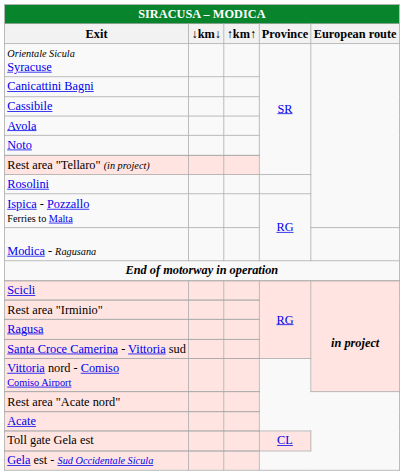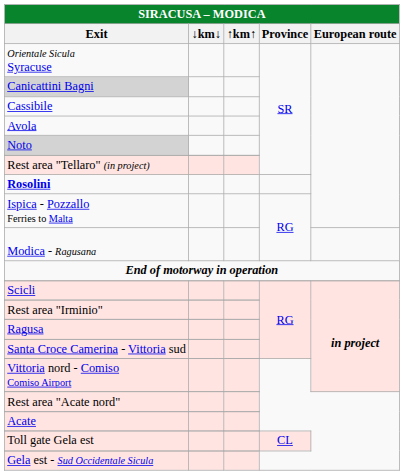 <table class="wikitable">
 <tr align="center" style="color: white;" bgcolor="#08842c">
 <td colspan="6"><strong> SIRACUSA – MODICA</strong></td>
 </tr>
 <tr>
 <th><strong>Exit</strong></th>
 <th align="center"><strong>↓km↓</strong></th>
 <th align="center"><strong>↑km↑</strong></th>
 <th align="center"><strong>Province</strong></th>
 <th align="center"><strong>European route</strong></th>
 </tr>
 <tr>
 <td>  <small><em>Orientale Sicula</em></small><br> <a href='#'>Syracuse</a></td>
 <td align="right"></td>
 <td align="right"></td>
 <td rowspan="7" align="center"><a href='#'>SR</a></td>
 <td rowspan="9" align="center"></td>
 </tr>
 <tr>
-<td> <a href='#'>Canicattini Bagni</a></td>
+<td style="background: lightgrey;"> <a href='#'>Canicattini Bagni</a></td>
 <td align="right"></td>
 <td align="right"></td>
 </tr>
 <tr>
 <td> <a href='#'>Cassibile</a></td>
 <td align="right"></td>
 <td align="right"></td>
 </tr>
 <tr>
 <td> <a href='#'>Avola</a></td>
 <td align="right"></td>
 <td align="right"></td>
 </tr>
 <tr>
-<td> <a href='#'>Noto</a></td>
+<td style="background: lightgrey;"> <a href='#'>Noto</a></td>
 <td align="right"></td>
 <td align="right"></td>
 </tr>
 <tr>
 </tr>
 <tr bgcolor="FFE4E1">
 <td> Rest area "Tellaro" <small><em>(in project)</em></small></td>
 <td align="right"></td>
 <td align="right"></td>
 </tr>
 <tr>
-<td> <a href='#'>Rosolini</a></td>
+<td><strong> <a href='#'>Rosolini</a></strong></td>
 <td align="right"></td>
 <td rowspan="1" align="right"></td>
 </tr>
 <tr>
 <td> <a href='#'>Ispica</a> - <a href='#'>Pozzallo</a> <br> <small>Ferries to   <a href='#'>Malta</a></small></td>
 <td align="right"></td>
 <td align="right"></td>
 <td rowspan="2" align="center"><a href='#'>RG</a></td>
 </tr>
 <tr>
 <td><br> <a href='#'>Modica</a> -  <small><em>Ragusana</em></small></td>
 <td align="right"></td>
 <td align="right"></td>
 </tr>
 <tr>
 <td colspan="6" align="center"><strong><em>End of motorway in operation</em></strong></td>
 </tr>
 <tr>
 </tr>
 <tr bgcolor="FFE4E1">
 <td> <a href='#'>Scicli</a></td>
 <td align="right"></td>
 <td align="right"></td>
 <td rowspan="7" align="center"><a href='#'>RG</a></td>
 <td rowspan="9" align="center"><br><strong><em>in project</em></strong></td>
 </tr>
 <tr>
 </tr>
 <tr bgcolor="FFE4E1">
 <td> Rest area "Irminio"</td>
 <td align="right"></td>
 <td align="right"></td>
 </tr>
 <tr>
 </tr>
 <tr bgcolor="FFE4E1">
 <td> <a href='#'>Ragusa</a></td>
 <td align="right"></td>
 <td align="right"></td>
 </tr>
 <tr>
 </tr>
 <tr bgcolor="FFE4E1">
 <td> <a href='#'>Santa Croce Camerina</a> - <a href='#'>Vittoria</a> sud</td>
 <td align="right"></td>
 <td align="right"></td>
 </tr>
 <tr>
 </tr>
 <tr bgcolor="FFE4E1">
 <td> <a href='#'>Vittoria</a> nord - <a href='#'>Comiso</a><br> <small><a href='#'>Comiso Airport</a> </small></td>
 <td align="right"></td>
 <td align="right"></td>
 </tr>
 <tr>
 </tr>
 <tr bgcolor="FFE4E1">
 <td> Rest area "Acate nord"</td>
 <td align="right"></td>
 <td align="right"></td>
 </tr>
 <tr>
 </tr>
 <tr bgcolor="FFE4E1">
 <td> <a href='#'>Acate</a></td>
 <td align="right"></td>
 <td align="right"></td>
 </tr>
 <tr>
 </tr>
 <tr bgcolor="FFE4E1">
 <td> Toll gate Gela est</td>
 <td align="right"></td>
 <td align="right"></td>
 <td rowspan="2" align="center"><a href='#'>CL</a></td>
 </tr>
 <tr>
 </tr>
 <tr bgcolor="FFE4E1">
 <td> <a href='#'>Gela</a> est -    <small><em><a href='#'>Sud Occidentale Sicula</a></em></small></td>
 <td align="right"></td>
 <td align="right"></td>
 </tr>
 </table>
